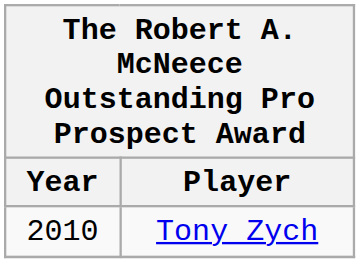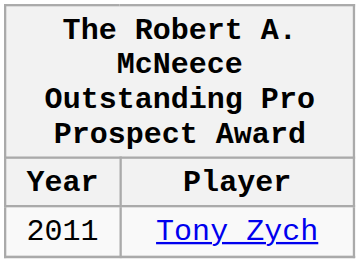 <table class="wikitable" style="display: inline-table; margin-right: 20px; text-align:center">
 <tr>
 <th scope="col" colspan="2" style="width: 145px;">The Robert A. McNeece Outstanding Pro Prospect Award</th>
 </tr>
 <tr>
 <th scope="col">Year</th>
 <th scope="col">Player</th>
 </tr>
 <tr>
-<td>2010</td>
+<td>2011</td>
 <td><a href='#'>Tony Zych</a></td>
 </tr>
 <tr>
 </tr>
 </table>
